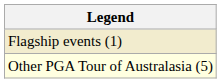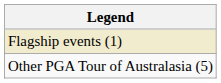 <table class="wikitable" style="font-size:95%;">
 <tr>
 <th>Legend</th>
 </tr>
 <tr style="background:#f2ecce;">
 <td>Flagship events (1)</td>
 </tr>
 <tr>
-<td style="background: lightyellow;">Other PGA Tour of Australasia (5)</td>
+<td>Other PGA Tour of Australasia (5)</td>
 </tr>
 </table>
